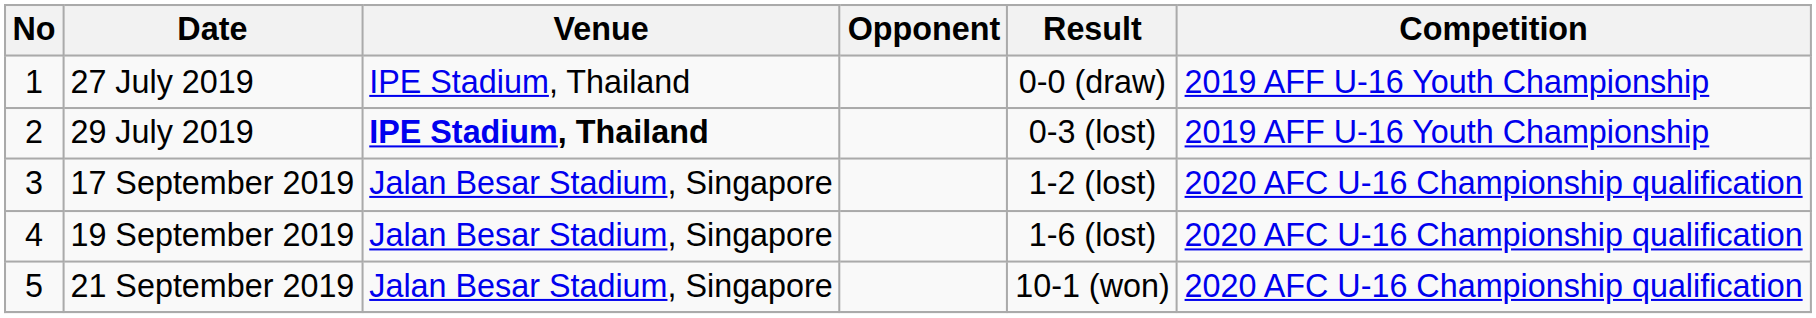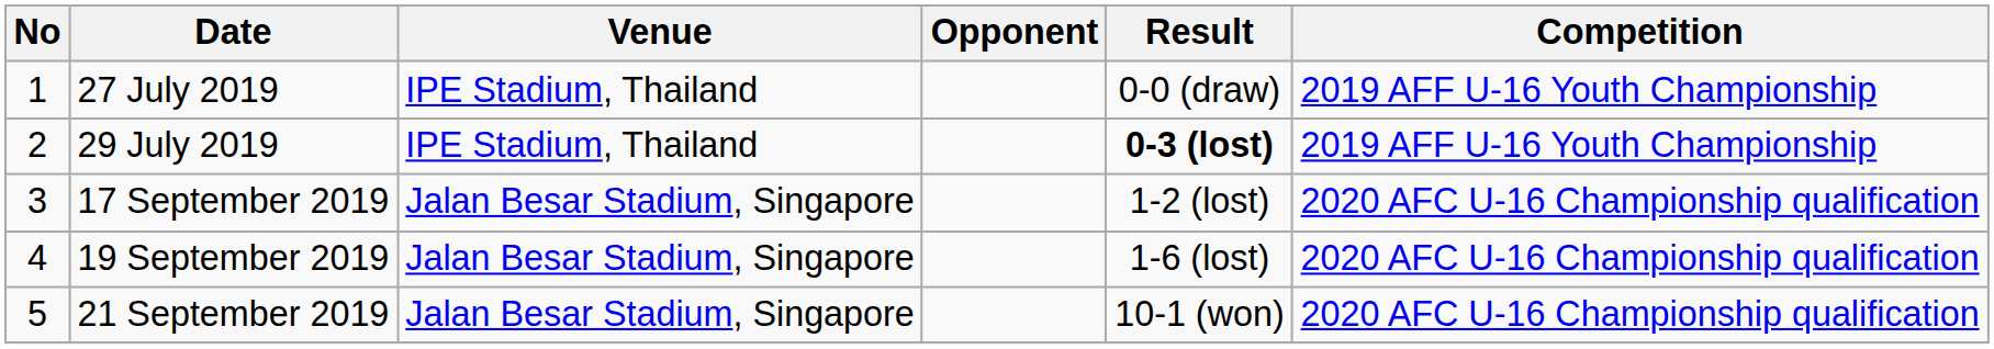 <table class="wikitable">
 <tr>
 <th>No</th>
 <th>Date</th>
 <th>Venue</th>
 <th>Opponent</th>
 <th>Result</th>
 <th>Competition</th>
 </tr>
 <tr>
 <td align=center>1</td>
 <td>27 July 2019</td>
 <td><a href='#'>IPE Stadium</a>, Thailand</td>
 <td></td>
 <td align=center>0-0 (draw)</td>
 <td><a href='#'>2019 AFF U-16 Youth Championship</a></td>
 </tr>
 <tr>
 <td align=center>2</td>
 <td>29 July 2019</td>
-<td><strong><a href='#'>IPE Stadium</a>, Thailand</strong></td>
+<td><a href='#'>IPE Stadium</a>, Thailand</td>
 <td></td>
-<td align=center>0-3 (lost)</td>
+<td align=center><strong>0-3 (lost)</strong></td>
 <td><a href='#'>2019 AFF U-16 Youth Championship</a></td>
 </tr>
 <tr>
 <td align=center>3</td>
 <td>17 September 2019</td>
 <td><a href='#'>Jalan Besar Stadium</a>, Singapore</td>
 <td></td>
 <td align=center>1-2 (lost)</td>
 <td><a href='#'>2020 AFC U-16 Championship qualification</a></td>
 </tr>
 <tr>
 <td align=center>4</td>
 <td>19 September 2019</td>
 <td><a href='#'>Jalan Besar Stadium</a>, Singapore</td>
 <td></td>
 <td align=center>1-6 (lost)</td>
 <td><a href='#'>2020 AFC U-16 Championship qualification</a></td>
 </tr>
 <tr>
 <td align=center>5</td>
 <td>21 September 2019</td>
 <td><a href='#'>Jalan Besar Stadium</a>, Singapore</td>
 <td></td>
 <td align=center>10-1 (won)</td>
 <td><a href='#'>2020 AFC U-16 Championship qualification</a></td>
 </tr>
 <tr>
 </tr>
 </table>
